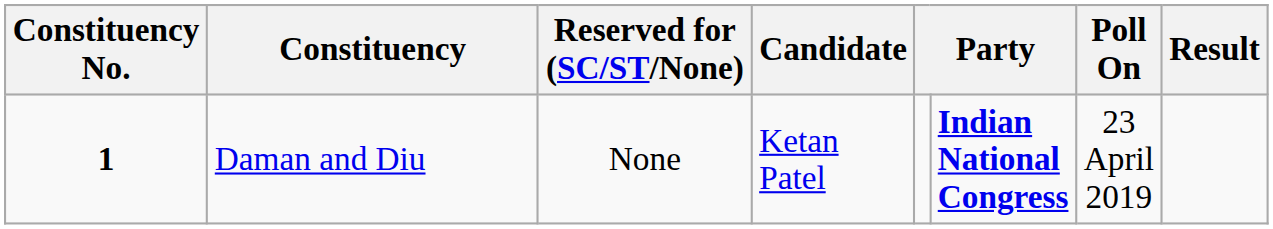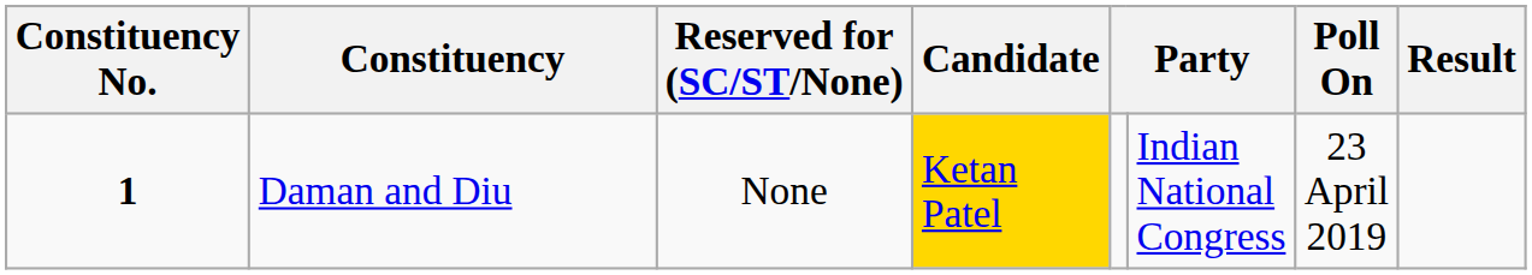 <table class="wikitable sortable">
 <tr>
 <th>Constituency <br> No.</th>
 <th style="width:180px;">Constituency</th>
 <th>Reserved for<br>(<a href='#'>SC/ST</a>/None)</th>
 <th>Candidate</th>
 <th colspan="2">Party</th>
 <th>Poll On</th>
 <th>Result</th>
 </tr>
 <tr>
 <td style="text-align:center;"><strong>1</strong></td>
 <td><a href='#'>Daman and Diu</a></td>
 <td style="text-align:center;">None</td>
-<td><a href='#'>Ketan Patel</a></td>
+<td style="background: gold;"><a href='#'>Ketan Patel</a></td>
 <td bgcolor=></td>
-<td><strong><a href='#'>Indian National Congress</a></strong></td>
+<td><a href='#'>Indian National Congress</a></td>
 <td style="text-align:center;">23 April 2019</td>
 <td></td>
 </tr>
 </table>
